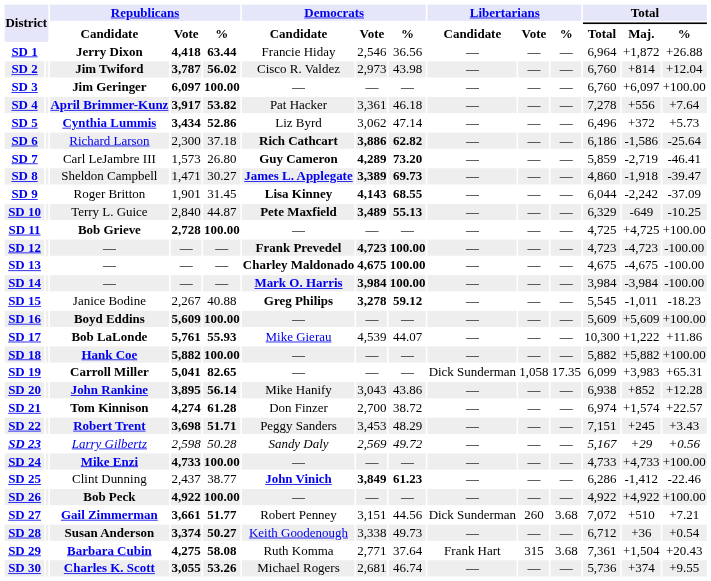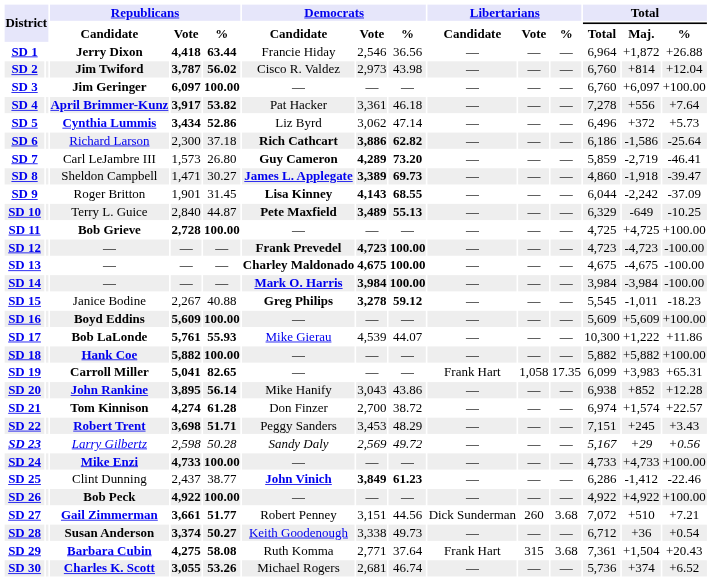 <table class="toccolours sortable" style="text-align:center;">
 <tr style="background:lavender">
 <th rowspan="3" colspan="2">District</th>
 <th colspan=3><a href='#'>Republicans</a></th>
 <th colspan=3><a href='#'>Democrats</a></th>
 <th colspan=3><a href='#'>Libertarians</a></th>
 <th colspan=3>Total</th>
 </tr>
 <tr>
 <th colspan=3 style="background-color:"></th>
 <th colspan=3 style="background-color:"></th>
 <th colspan=3 style="background-color:"></th>
 <th colspan=3 style="background-color:#000000"></th>
 </tr>
 <tr>
 <th align="center">Candidate</th>
 <th align="center">Vote</th>
 <th align="center">%</th>
 <th align="center">Candidate</th>
 <th align="center">Vote</th>
 <th align="center">%</th>
 <th align="center">Candidate</th>
 <th align="center">Vote</th>
 <th align="center">%</th>
 <th align="center">Total</th>
 <th align="center">Maj.</th>
 <th align="center">%</th>
 </tr>
 <tr>
 <th><a href='#'>SD 1</a></th>
 <td style="background-color:"></td>
 <td><strong>Jerry Dixon</strong></td>
 <td><strong>4,418</strong></td>
 <td><strong>63.44</strong></td>
 <td>Francie Hiday</td>
 <td>2,546</td>
 <td>36.56</td>
 <td>—</td>
 <td>—</td>
 <td>—</td>
 <td>6,964</td>
 <td>+1,872</td>
 <td>+26.88</td>
 </tr>
 <tr style="background:#EEEEEE;">
 <th><a href='#'>SD 2</a></th>
 <td style="background-color:"></td>
 <td><strong>Jim Twiford</strong></td>
 <td><strong>3,787</strong></td>
 <td><strong>56.02</strong></td>
 <td>Cisco R. Valdez</td>
 <td>2,973</td>
 <td>43.98</td>
 <td>—</td>
 <td>—</td>
 <td>—</td>
 <td>6,760</td>
 <td>+814</td>
 <td>+12.04</td>
 </tr>
 <tr>
 <th><a href='#'>SD 3</a></th>
 <td style="background-color:"></td>
 <td><strong>Jim Geringer</strong></td>
 <td><strong>6,097</strong></td>
 <td><strong>100.00</strong></td>
 <td>—</td>
 <td>—</td>
 <td>—</td>
 <td>—</td>
 <td>—</td>
 <td>—</td>
 <td>6,760</td>
 <td>+6,097</td>
 <td>+100.00</td>
 </tr>
 <tr style="background:#EEEEEE;">
 <th><a href='#'>SD 4</a></th>
 <td style="background-color:"></td>
 <td><strong><a href='#'>April Brimmer-Kunz</a></strong></td>
 <td><strong>3,917</strong></td>
 <td><strong>53.82</strong></td>
 <td>Pat Hacker</td>
 <td>3,361</td>
 <td>46.18</td>
 <td>—</td>
 <td>—</td>
 <td>—</td>
 <td>7,278</td>
 <td>+556</td>
 <td>+7.64</td>
 </tr>
 <tr>
 <th><a href='#'>SD 5</a></th>
 <td style="background-color:"></td>
 <td><strong><a href='#'>Cynthia Lummis</a></strong></td>
 <td><strong>3,434</strong></td>
 <td><strong>52.86</strong></td>
 <td>Liz Byrd</td>
 <td>3,062</td>
 <td>47.14</td>
 <td>—</td>
 <td>—</td>
 <td>—</td>
 <td>6,496</td>
 <td>+372</td>
 <td>+5.73</td>
 </tr>
 <tr style="background:#EEEEEE;">
 <th><a href='#'>SD 6</a></th>
 <td style="background-color:"></td>
 <td><a href='#'>Richard Larson</a></td>
 <td>2,300</td>
 <td>37.18</td>
 <td><strong>Rich Cathcart</strong></td>
 <td><strong>3,886</strong></td>
 <td><strong>62.82</strong></td>
 <td>—</td>
 <td>—</td>
 <td>—</td>
 <td>6,186</td>
 <td>-1,586</td>
 <td>-25.64</td>
 </tr>
 <tr>
 <th><a href='#'>SD 7</a></th>
 <td style="background-color:"></td>
 <td>Carl LeJambre III</td>
 <td>1,573</td>
 <td>26.80</td>
 <td><strong>Guy Cameron</strong></td>
 <td><strong>4,289</strong></td>
 <td><strong>73.20</strong></td>
 <td>—</td>
 <td>—</td>
 <td>—</td>
 <td>5,859</td>
 <td>-2,719</td>
 <td>-46.41</td>
 </tr>
 <tr style="background:#EEEEEE;">
 <th><a href='#'>SD 8</a></th>
 <td style="background-color:"></td>
 <td>Sheldon Campbell</td>
 <td>1,471</td>
 <td>30.27</td>
 <td><strong><a href='#'>James L. Applegate</a></strong></td>
 <td><strong>3,389</strong></td>
 <td><strong>69.73</strong></td>
 <td>—</td>
 <td>—</td>
 <td>—</td>
 <td>4,860</td>
 <td>-1,918</td>
 <td>-39.47</td>
 </tr>
 <tr>
 <th><a href='#'>SD 9</a></th>
 <td style="background-color:"></td>
 <td>Roger Britton</td>
 <td>1,901</td>
 <td>31.45</td>
 <td><strong>Lisa Kinney</strong></td>
 <td><strong>4,143</strong></td>
 <td><strong>68.55</strong></td>
 <td>—</td>
 <td>—</td>
 <td>—</td>
 <td>6,044</td>
 <td>-2,242</td>
 <td>-37.09</td>
 </tr>
 <tr style="background:#EEEEEE;">
 <th><a href='#'>SD 10</a></th>
 <td style="background-color:"></td>
 <td>Terry L. Guice</td>
 <td>2,840</td>
 <td>44.87</td>
 <td><strong>Pete Maxfield</strong></td>
 <td><strong>3,489</strong></td>
 <td><strong>55.13</strong></td>
 <td>—</td>
 <td>—</td>
 <td>—</td>
 <td>6,329</td>
 <td>-649</td>
 <td>-10.25</td>
 </tr>
 <tr>
 <th><a href='#'>SD 11</a></th>
 <td style="background-color:"></td>
 <td><strong>Bob Grieve</strong></td>
 <td><strong>2,728</strong></td>
 <td><strong>100.00</strong></td>
 <td>—</td>
 <td>—</td>
 <td>—</td>
 <td>—</td>
 <td>—</td>
 <td>—</td>
 <td>4,725</td>
 <td>+4,725</td>
 <td>+100.00</td>
 </tr>
 <tr style="background:#EEEEEE;">
 <th><a href='#'>SD 12</a></th>
 <td style="background-color:"></td>
 <td>—</td>
 <td>—</td>
 <td>—</td>
 <td><strong>Frank Prevedel</strong></td>
 <td><strong>4,723</strong></td>
 <td><strong>100.00</strong></td>
 <td>—</td>
 <td>—</td>
 <td>—</td>
 <td>4,723</td>
 <td>-4,723</td>
 <td>-100.00</td>
 </tr>
 <tr>
 <th><a href='#'>SD 13</a></th>
 <td style="background-color:"></td>
 <td>—</td>
 <td>—</td>
 <td>—</td>
 <td><strong>Charley Maldonado</strong></td>
 <td><strong>4,675</strong></td>
 <td><strong>100.00</strong></td>
 <td>—</td>
 <td>—</td>
 <td>—</td>
 <td>4,675</td>
 <td>-4,675</td>
 <td>-100.00</td>
 </tr>
 <tr style="background:#EEEEEE;">
 <th><a href='#'>SD 14</a></th>
 <td style="background-color:"></td>
 <td>—</td>
 <td>—</td>
 <td>—</td>
 <td><strong><a href='#'>Mark O. Harris</a></strong></td>
 <td><strong>3,984</strong></td>
 <td><strong>100.00</strong></td>
 <td>—</td>
 <td>—</td>
 <td>—</td>
 <td>3,984</td>
 <td>-3,984</td>
 <td>-100.00</td>
 </tr>
 <tr>
 <th><a href='#'>SD 15</a></th>
 <td style="background-color:"></td>
 <td>Janice Bodine</td>
 <td>2,267</td>
 <td>40.88</td>
 <td><strong>Greg Philips</strong></td>
 <td><strong>3,278</strong></td>
 <td><strong>59.12</strong></td>
 <td>—</td>
 <td>—</td>
 <td>—</td>
 <td>5,545</td>
 <td>-1,011</td>
 <td>-18.23</td>
 </tr>
 <tr style="background:#EEEEEE;">
 <th><a href='#'>SD 16</a></th>
 <td style="background-color:"></td>
 <td><strong>Boyd Eddins</strong></td>
 <td><strong>5,609</strong></td>
 <td><strong>100.00</strong></td>
 <td>—</td>
 <td>—</td>
 <td>—</td>
 <td>—</td>
 <td>—</td>
 <td>—</td>
 <td>5,609</td>
 <td>+5,609</td>
 <td>+100.00</td>
 </tr>
 <tr>
 <th><a href='#'>SD 17</a></th>
 <td style="background-color:"></td>
 <td><strong>Bob LaLonde</strong></td>
 <td><strong> 5,761</strong></td>
 <td><strong>55.93</strong></td>
 <td><a href='#'>Mike Gierau</a></td>
 <td>4,539</td>
 <td>44.07</td>
 <td>—</td>
 <td>—</td>
 <td>—</td>
 <td>10,300</td>
 <td>+1,222</td>
 <td>+11.86</td>
 </tr>
 <tr style="background:#EEEEEE;">
 <th><a href='#'>SD 18</a></th>
 <td style="background-color:"></td>
 <td><strong><a href='#'>Hank Coe</a></strong></td>
 <td><strong>5,882</strong></td>
 <td><strong>100.00</strong></td>
 <td>—</td>
 <td>—</td>
 <td>—</td>
 <td>—</td>
 <td>—</td>
 <td>—</td>
 <td>5,882</td>
 <td>+5,882</td>
 <td>+100.00</td>
 </tr>
 <tr>
 <th><a href='#'>SD 19</a></th>
 <td style="background-color:"></td>
 <td><strong>Carroll Miller</strong></td>
 <td><strong> 5,041</strong></td>
 <td><strong>82.65</strong></td>
 <td>—</td>
 <td>—</td>
 <td>—</td>
-<td>Dick Sunderman</td>
+<td>Frank Hart</td>
 <td>1,058</td>
 <td>17.35</td>
 <td>6,099</td>
 <td>+3,983</td>
 <td>+65.31</td>
 </tr>
 <tr style="background:#EEEEEE;">
 <th><a href='#'>SD 20</a></th>
 <td style="background-color:"></td>
 <td><strong><a href='#'>John Rankine</a></strong></td>
 <td><strong>3,895</strong></td>
 <td><strong>56.14</strong></td>
 <td>Mike Hanify</td>
 <td>3,043</td>
 <td>43.86</td>
 <td>—</td>
 <td>—</td>
 <td>—</td>
 <td>6,938</td>
 <td>+852</td>
 <td>+12.28</td>
 </tr>
 <tr>
 <th><a href='#'>SD 21</a></th>
 <td style="background-color:"></td>
 <td><strong>Tom Kinnison</strong></td>
 <td><strong>4,274</strong></td>
 <td><strong>61.28</strong></td>
 <td>Don Finzer</td>
 <td>2,700</td>
 <td>38.72</td>
 <td>—</td>
 <td>—</td>
 <td>—</td>
 <td>6,974</td>
 <td>+1,574</td>
 <td>+22.57</td>
 </tr>
 <tr style="background:#EEEEEE;">
 <th><a href='#'>SD 22</a></th>
 <td style="background-color:"></td>
 <td><strong><a href='#'>Robert Trent</a></strong></td>
 <td><strong>3,698</strong></td>
 <td><strong>51.71</strong></td>
 <td>Peggy Sanders</td>
 <td>3,453</td>
 <td>48.29</td>
 <td>—</td>
 <td>—</td>
 <td>—</td>
 <td>7,151</td>
 <td>+245</td>
 <td>+3.43</td>
 </tr>
 <tr>
 <th><em><a href='#'>SD 23</a></em></th>
 <td style="background-color:"></td>
 <td><em><a href='#'>Larry Gilbertz</a></em></td>
 <td><em>2,598</em></td>
 <td><em>50.28</em></td>
 <td><em>Sandy Daly</em></td>
 <td><em>2,569</em></td>
 <td><em>49.72</em></td>
 <td>—</td>
 <td>—</td>
 <td>—</td>
 <td><em>5,167</em></td>
 <td><em>+29</em></td>
 <td><em>+0.56</em></td>
 </tr>
 <tr style="background:#EEEEEE;">
 <th><a href='#'>SD 24</a></th>
 <td style="background-color:"></td>
 <td><strong><a href='#'>Mike Enzi</a></strong></td>
 <td><strong>4,733</strong></td>
 <td><strong>100.00</strong></td>
 <td>—</td>
 <td>—</td>
 <td>—</td>
 <td>—</td>
 <td>—</td>
 <td>—</td>
 <td>4,733</td>
 <td>+4,733</td>
 <td>+100.00</td>
 </tr>
 <tr>
 <th><a href='#'>SD 25</a></th>
 <td style="background-color:"></td>
 <td>Clint Dunning</td>
 <td>2,437</td>
 <td>38.77</td>
 <td><strong><a href='#'>John Vinich</a></strong></td>
 <td><strong>3,849</strong></td>
 <td><strong>61.23</strong></td>
 <td>—</td>
 <td>—</td>
 <td>—</td>
 <td>6,286</td>
 <td>-1,412</td>
 <td>-22.46</td>
 </tr>
 <tr style="background:#EEEEEE;">
 <th><a href='#'>SD 26</a></th>
 <td style="background-color:"></td>
 <td><strong>Bob Peck</strong></td>
 <td><strong>4,922</strong></td>
 <td><strong>100.00</strong></td>
 <td>—</td>
 <td>—</td>
 <td>—</td>
 <td>—</td>
 <td>—</td>
 <td>—</td>
 <td>4,922</td>
 <td>+4,922</td>
 <td>+100.00</td>
 </tr>
 <tr>
 <th><a href='#'>SD 27</a></th>
 <td style="background-color:"></td>
 <td><strong><a href='#'>Gail Zimmerman</a></strong></td>
 <td><strong>3,661</strong></td>
 <td><strong>51.77</strong></td>
 <td>Robert Penney</td>
 <td>3,151</td>
 <td>44.56</td>
 <td>Dick Sunderman</td>
 <td>260</td>
 <td>3.68</td>
 <td>7,072</td>
 <td>+510</td>
 <td>+7.21</td>
 </tr>
 <tr style="background:#EEEEEE;">
 <th><a href='#'>SD 28</a></th>
 <td style="background-color:"></td>
 <td><strong>Susan Anderson</strong></td>
 <td><strong>3,374</strong></td>
 <td><strong>50.27</strong></td>
 <td><a href='#'>Keith Goodenough</a></td>
 <td>3,338</td>
 <td>49.73</td>
 <td>—</td>
 <td>—</td>
 <td>—</td>
 <td>6,712</td>
 <td>+36</td>
 <td>+0.54</td>
 </tr>
 <tr>
 <th><a href='#'>SD 29</a></th>
 <td style="background-color:"></td>
 <td><strong><a href='#'>Barbara Cubin</a></strong></td>
 <td><strong>4,275</strong></td>
 <td><strong>58.08</strong></td>
 <td>Ruth Komma</td>
 <td>2,771</td>
 <td>37.64</td>
 <td>Frank Hart</td>
 <td>315</td>
 <td>3.68</td>
 <td>7,361</td>
 <td>+1,504</td>
 <td>+20.43</td>
 </tr>
 <tr style="background:#EEEEEE;">
 <th><a href='#'>SD 30</a></th>
 <td style="background-color:"></td>
 <td><strong><a href='#'>Charles K. Scott</a></strong></td>
 <td><strong>3,055</strong></td>
 <td><strong>53.26</strong></td>
 <td>Michael Rogers</td>
 <td>2,681</td>
 <td>46.74</td>
 <td>—</td>
 <td>—</td>
 <td>—</td>
 <td>5,736</td>
 <td>+374</td>
-<td>+9.55</td>
+<td>+6.52</td>
 </tr>
 <tr>
 </tr>
 </table>
